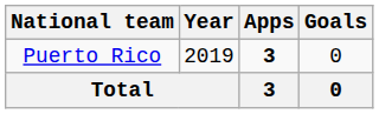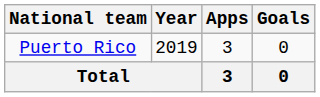 <table class="wikitable" style="text-align:center">
 <tr>
 <th>National team</th>
 <th>Year</th>
 <th>Apps</th>
 <th>Goals</th>
 </tr>
 <tr>
 <td rowspan="1"><a href='#'>Puerto Rico</a></td>
 <td>2019</td>
-<td><strong>3</strong></td>
+<td>3</td>
 <td>0</td>
 </tr>
 <tr>
 <th colspan=2>Total</th>
 <th>3</th>
 <th>0</th>
 </tr>
 </table>
